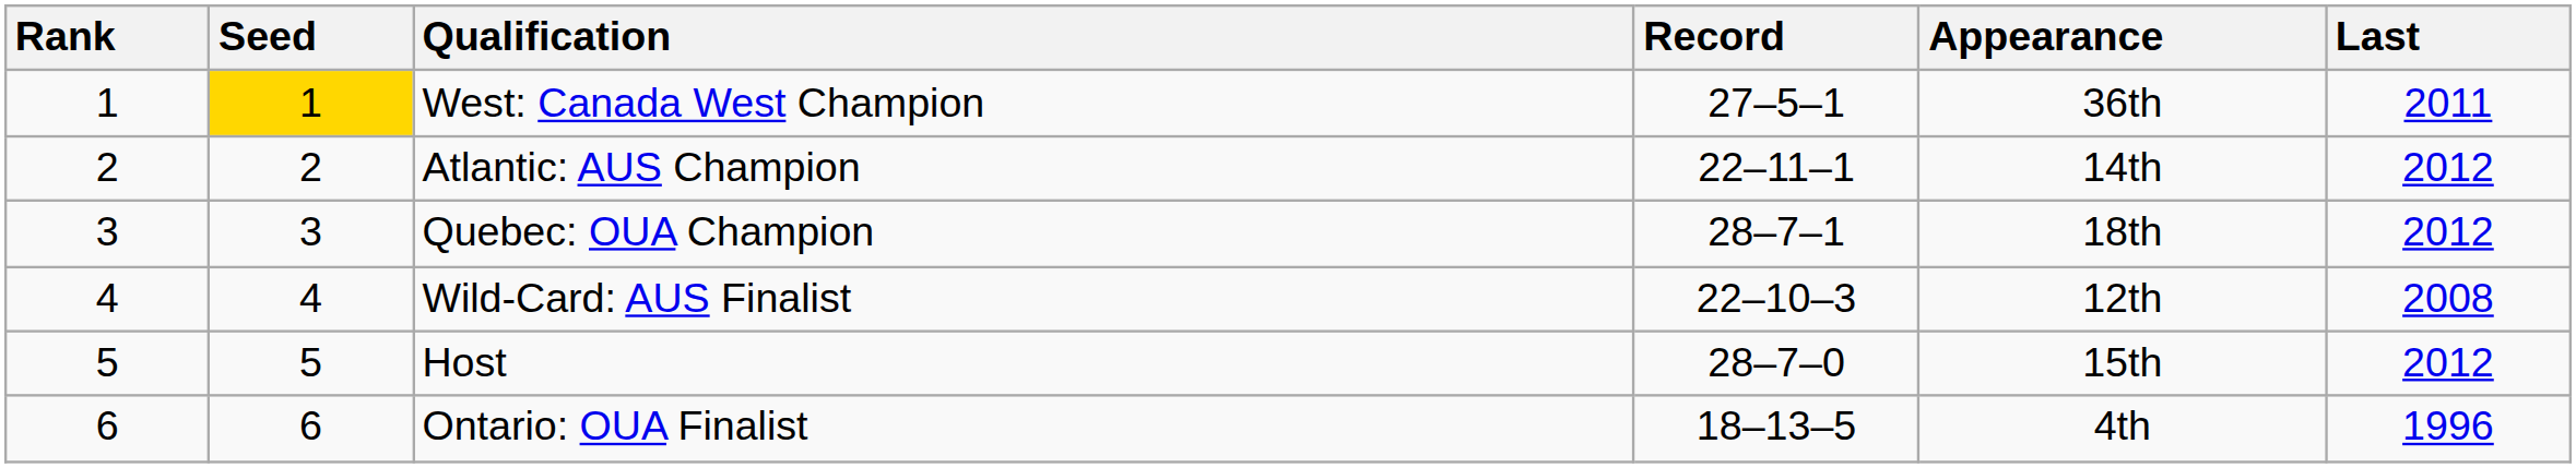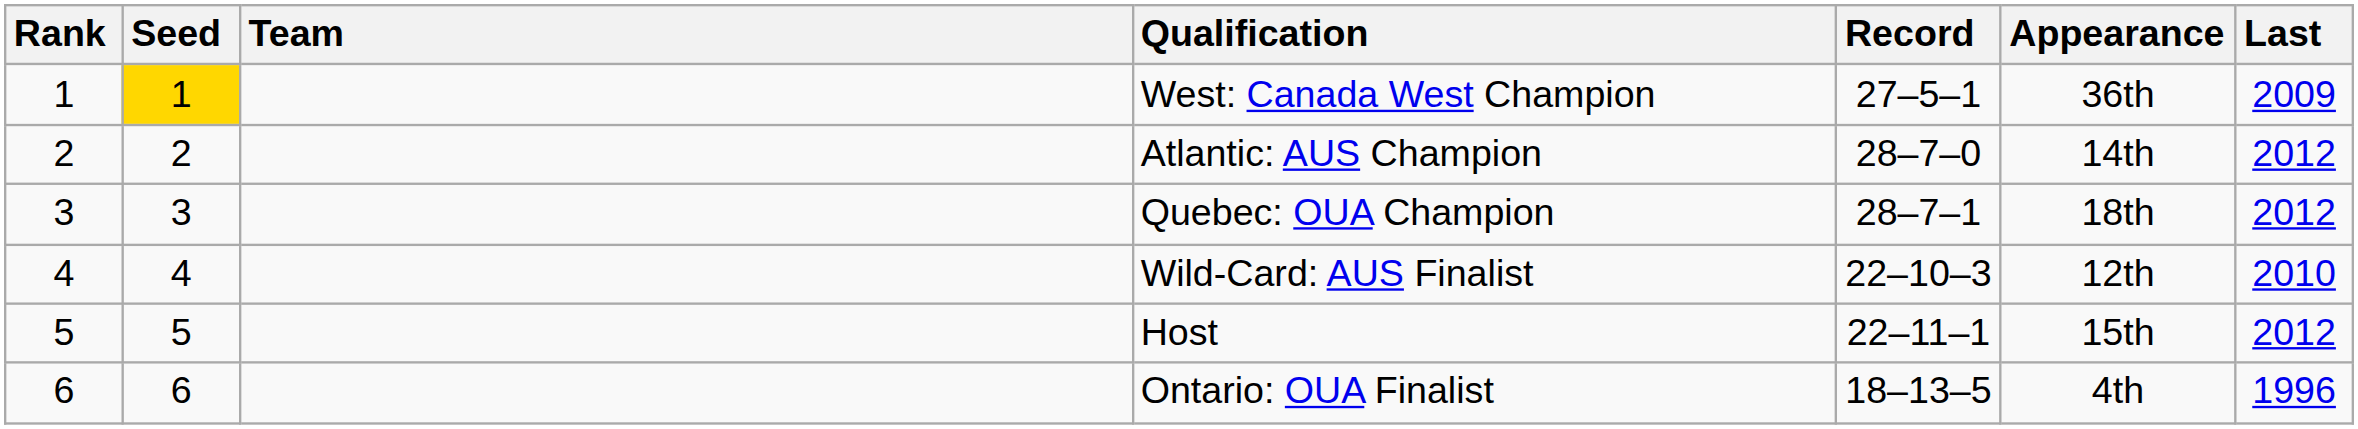 <table class="wikitable sortable" style="text-align: center;" width=1000>
 <tr style="background:#efefef; text-align:center">
 <th style="text-align:left" width=5%>Rank</th>
 <th style="text-align:left" width=5%>Seed</th>
+<th style="text-align:left" width=38%>Team</th>
 <th style="text-align:left" width=30%>Qualification</th>
 <th style="text-align:left" width=7%>Record</th>
 <th style="text-align:left" width=10%>Appearance</th>
 <th style="text-align:left" width=6%>Last</th>
 </tr>
 <tr style="text-align:center">
 <td style="text-align:center">1</td>
 <td style="background: gold; text-align:center">1</td>
+<td style="text-align:left; "><a href='#'></a></td>
 <td style="text-align:left">West: <a href='#'>Canada West</a> Champion</td>
 <td style="text-align:center">27–5–1</td>
 <td style=center>36th</td>
-<td style="text-align:center"><a href='#'>2011</a></td>
+<td style="text-align:center"><a href='#'>2009</a></td>
 </tr>
 <tr style="text-align:center">
 <td style="text-align:center">2</td>
 <td style="text-align:center">2</td>
+<td style="text-align:left; "><a href='#'></a></td>
 <td style="text-align:left">Atlantic: <a href='#'>AUS</a> Champion</td>
-<td style="text-align:center">22–11–1</td>
+<td style="text-align:center">28–7–0</td>
 <td style=center>14th</td>
 <td style="text-align:center"><a href='#'>2012</a></td>
 </tr>
 <tr style="text-align:center">
 <td style="text-align:center">3</td>
 <td style="text-align:center">3</td>
+<td style="text-align:left; "><a href='#'></a></td>
 <td style="text-align:left">Quebec: <a href='#'>OUA</a> Champion</td>
 <td style="text-align:center">28–7–1</td>
 <td style=center>18th</td>
 <td style="text-align:center"><a href='#'>2012</a></td>
 </tr>
 <tr style="text-align:center">
 <td style="text-align:center">4</td>
 <td style="text-align:center">4</td>
+<td style="text-align:left; "><a href='#'></a></td>
 <td style="text-align:left">Wild-Card: <a href='#'>AUS</a> Finalist</td>
 <td style="text-align:center">22–10–3</td>
 <td style=center>12th</td>
-<td style="text-align:center"><a href='#'>2008</a></td>
+<td style="text-align:center"><a href='#'>2010</a></td>
 </tr>
 <tr style="text-align:center">
 <td style="text-align:center">5</td>
 <td style="text-align:center">5</td>
+<td style="text-align:left; "><a href='#'></a></td>
 <td style="text-align:left">Host</td>
-<td style="text-align:center">28–7–0</td>
+<td style="text-align:center">22–11–1</td>
 <td style=center>15th</td>
 <td style="text-align:center"><a href='#'>2012</a></td>
 </tr>
 <tr style="text-align:center">
 <td style="text-align:center">6</td>
 <td style="text-align:center">6</td>
+<td style="text-align:left; "><a href='#'></a></td>
 <td style="text-align:left">Ontario: <a href='#'>OUA</a> Finalist</td>
 <td style="text-align:center">18–13–5</td>
 <td style=center>4th</td>
 <td style="text-align:center"><a href='#'>1996</a></td>
 </tr>
 </table>
